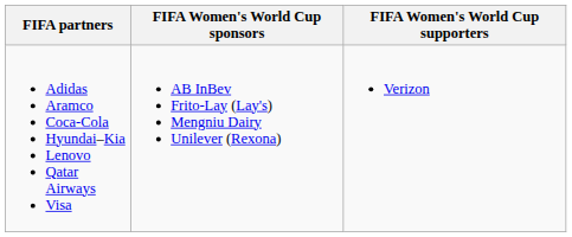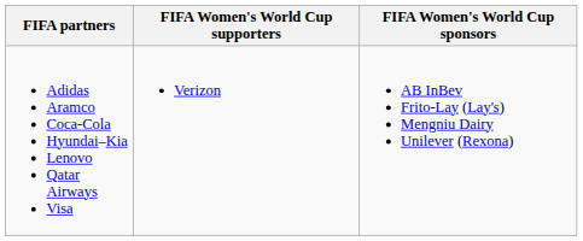 <table class="wikitable sortable">
 <tr>
 <th>FIFA partners</th>
+<th>FIFA Women's World Cup supporters</th>
 <th>FIFA Women's World Cup sponsors</th>
-<th>FIFA Women's World Cup supporters</th>
 </tr>
 <tr>
 <td style="vertical-align:top"><br><ul><li><a href='#'>Adidas</a></li><li><a href='#'>Aramco</a></li><li><a href='#'>Coca-Cola</a></li><li><a href='#'>Hyundai</a>–<a href='#'>Kia</a></li><li><a href='#'>Lenovo</a></li><li><a href='#'>Qatar Airways</a></li><li><a href='#'>Visa</a></li></ul></td>
+<td style="vertical-align:top;"><br><ul><li><a href='#'>Verizon</a></li></ul></td>
 <td style="vertical-align:top;"><br><ul><li><a href='#'>AB InBev</a></li><li><a href='#'>Frito-Lay</a> (<a href='#'>Lay's</a>)</li><li><a href='#'>Mengniu Dairy</a></li><li><a href='#'>Unilever</a> (<a href='#'>Rexona</a>)</li></ul></td>
-<td style="vertical-align:top;"><br><ul><li><a href='#'>Verizon</a></li></ul></td>
 </tr>
 </table>
